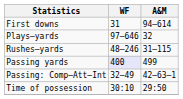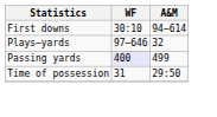 <table class="wikitable">
 <tr>
 <th>Statistics</th>
 <th>WF</th>
 <th>A&M</th>
 </tr>
 <tr>
 <td>First downs</td>
-<td>31</td>
+<td>30:10</td>
 <td>94–614</td>
 </tr>
 <tr>
 <td>Plays–yards</td>
 <td>97–646</td>
 <td>32</td>
 </tr>
 <tr>
-<td>Rushes–yards</td>
-<td>48–246</td>
-<td>31–115</td>
-</tr>
-<tr>
 <td>Passing yards</td>
 <td style="background: lavender;">400</td>
 <td>499</td>
 </tr>
 <tr>
-<td>Passing: Comp–Att–Int</td>
-<td>32–49</td>
-<td>42–63–1</td>
-</tr>
-<tr>
 <td>Time of possession</td>
-<td>30:10</td>
+<td>31</td>
 <td>29:50</td>
 </tr>
 <tr>
 </tr>
 </table>
